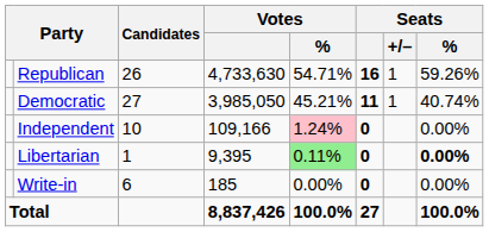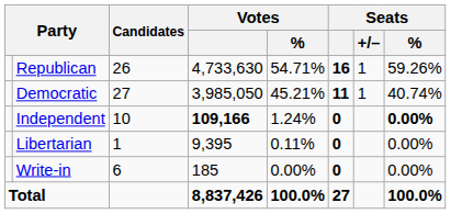 <table class="wikitable" style="font-size: 95%;">
 <tr>
 <th colspan="2" rowspan="2">Party</th>
 <th rowspan="2"><small>Candi</small><small>dates</small></th>
 <th colspan="2">Votes</th>
 <th colspan="3">Seats</th>
 </tr>
 <tr>
 <th></th>
 <th>%</th>
 <th></th>
 <th>+/–</th>
 <th>%</th>
 </tr>
 <tr>
 <td style="background:"></td>
 <td align=left><a href='#'>Republican</a></td>
 <td>26</td>
 <td>4,733,630</td>
 <td>54.71%</td>
 <td><strong>16</strong></td>
 <td>1</td>
 <td>59.26%</td>
 </tr>
 <tr>
 <td style="background:"></td>
 <td align=left><a href='#'>Democratic</a></td>
 <td>27</td>
 <td>3,985,050</td>
 <td>45.21%</td>
 <td><strong>11</strong></td>
 <td>1</td>
 <td>40.74%</td>
 </tr>
 <tr>
 <td style="background:"></td>
 <td align=left><a href='#'>Independent</a></td>
 <td>10</td>
-<td>109,166</td>
-<td style="background: pink;">1.24%</td>
+<td><strong>109,166</strong></td>
+<td>1.24%</td>
 <td><strong>0</strong></td>
 <td></td>
-<td>0.00%</td>
+<td><strong>0.00%</strong></td>
 </tr>
 <tr>
 <td style="background:"></td>
 <td align=left><a href='#'>Libertarian</a></td>
 <td>1</td>
 <td>9,395</td>
-<td style="background: lightgreen;">0.11%</td>
+<td>0.11%</td>
 <td><strong>0</strong></td>
 <td></td>
-<td><strong>0.00%</strong></td>
+<td>0.00%</td>
 </tr>
 <tr>
 <td style="background:"></td>
 <td align=left><a href='#'>Write-in</a></td>
 <td>6</td>
 <td>185</td>
 <td>0.00%</td>
 <td><strong>0</strong></td>
 <td></td>
 <td>0.00%</td>
 </tr>
 <tr style="font-weight:bold">
 <td colspan=2 align=left>Total</td>
 <td></td>
 <td>8,837,426</td>
 <td>100.0%</td>
 <td>27</td>
 <td></td>
 <td>100.0%</td>
 </tr>
 </table>
